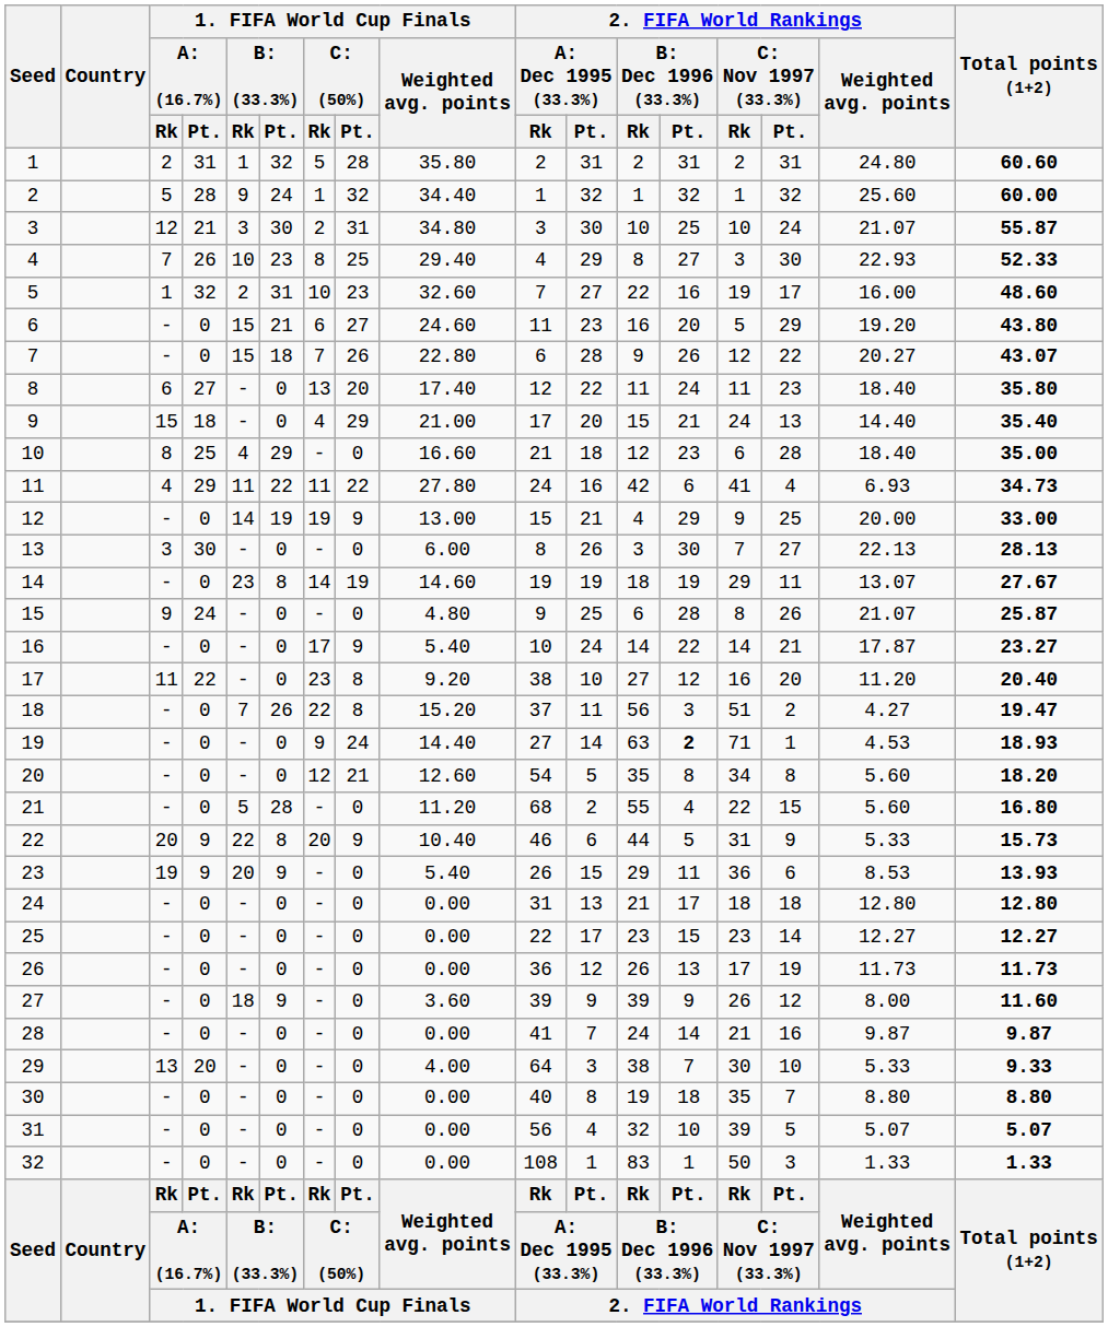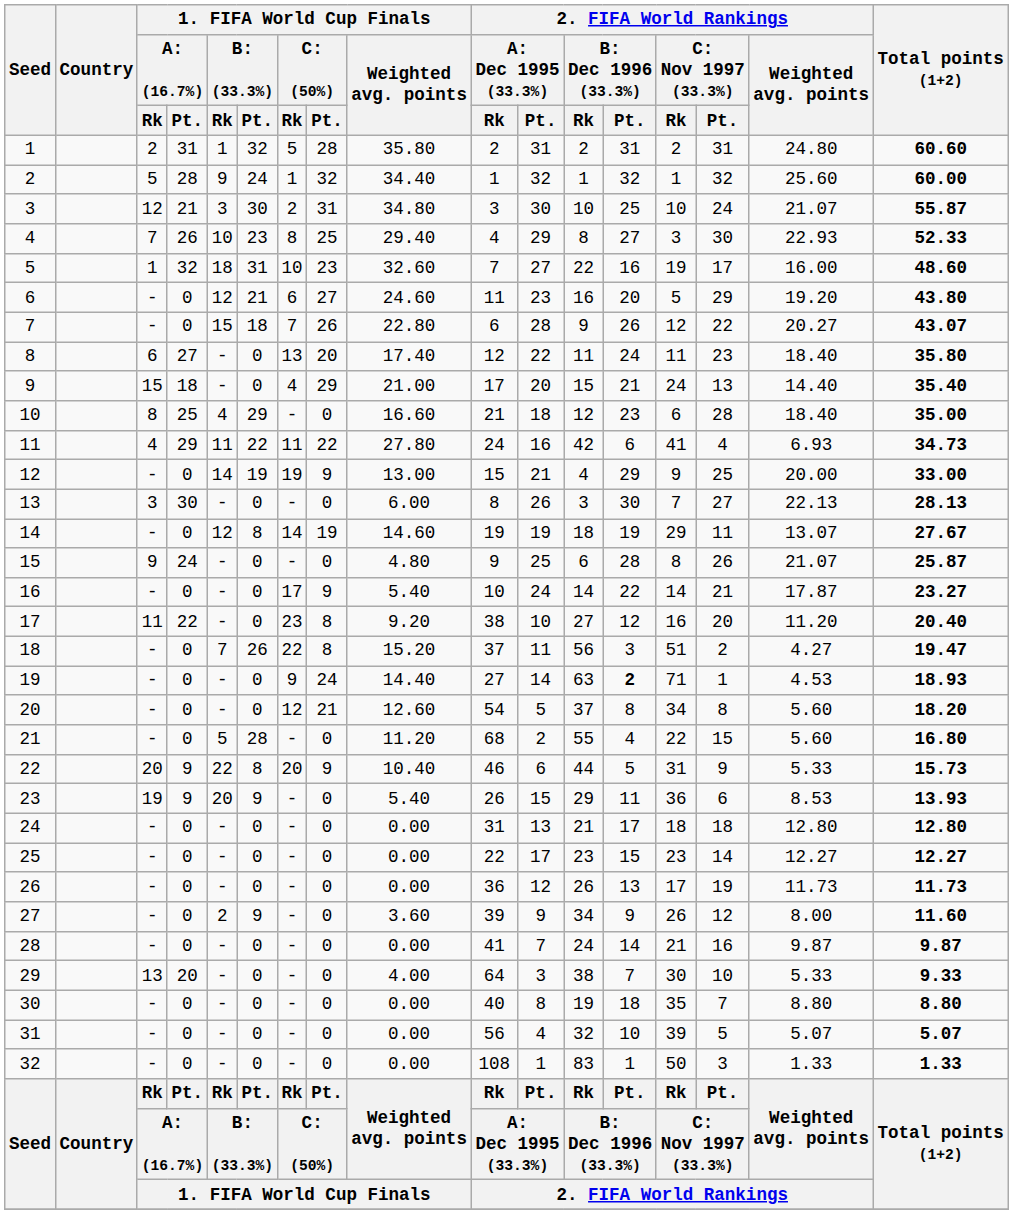 <table class="wikitable sortable" style="text-align:center; font-size:90%">
 <tr>
 <th rowspan="3">Seed</th>
 <th rowspan="3">Country</th>
 <th colspan="7">1. FIFA World Cup Finals</th>
 <th colspan="7">2. <a href='#'>FIFA World Rankings</a></th>
 <th rowspan="3">Total points<br><small>(1+2)</small></th>
 </tr>
 <tr>
 <th colspan="2">A:<br><br><small>(16.7%)</small></th>
 <th colspan="2">B:<br><br><small>(33.3%)</small></th>
 <th colspan="2">C:<br><br><small>(50%)</small></th>
 <th rowspan="2">Weighted<br> avg. points<br><small></small></th>
 <th colspan="2">A:<br>Dec 1995<br><small>(33.3%)</small></th>
 <th colspan="2">B:<br>Dec 1996<br><small>(33.3%)</small></th>
 <th colspan="2">C:<br>Nov 1997<br><small>(33.3%)</small></th>
 <th rowspan="2">Weighted<br> avg. points<br><small></small></th>
 </tr>
 <tr>
 <th>Rk</th>
 <th>Pt.</th>
 <th>Rk</th>
 <th>Pt.</th>
 <th>Rk</th>
 <th>Pt.</th>
 <th>Rk</th>
 <th>Pt.</th>
 <th>Rk</th>
 <th>Pt.</th>
 <th>Rk</th>
 <th>Pt.</th>
 </tr>
 <tr>
 <td>1</td>
 <td style="text-align:left"></td>
 <td>2</td>
 <td>31</td>
 <td>1</td>
 <td>32</td>
 <td>5</td>
 <td>28</td>
 <td>35.80</td>
 <td>2</td>
 <td>31</td>
 <td>2</td>
 <td>31</td>
 <td>2</td>
 <td>31</td>
 <td>24.80</td>
 <td><strong>60.60</strong></td>
 </tr>
 <tr>
 <td>2</td>
 <td style="text-align:left"></td>
 <td>5</td>
 <td>28</td>
 <td>9</td>
 <td>24</td>
 <td>1</td>
 <td>32</td>
 <td>34.40</td>
 <td>1</td>
 <td>32</td>
 <td>1</td>
 <td>32</td>
 <td>1</td>
 <td>32</td>
 <td>25.60</td>
 <td><strong>60.00</strong></td>
 </tr>
 <tr>
 <td>3</td>
 <td style="text-align:left"></td>
 <td>12</td>
 <td>21</td>
 <td>3</td>
 <td>30</td>
 <td>2</td>
 <td>31</td>
 <td>34.80</td>
 <td>3</td>
 <td>30</td>
 <td>10</td>
 <td>25</td>
 <td>10</td>
 <td>24</td>
 <td>21.07</td>
 <td><strong>55.87</strong></td>
 </tr>
 <tr>
 <td>4</td>
 <td style="text-align:left"></td>
 <td>7</td>
 <td>26</td>
 <td>10</td>
 <td>23</td>
 <td>8</td>
 <td>25</td>
 <td>29.40</td>
 <td>4</td>
 <td>29</td>
 <td>8</td>
 <td>27</td>
 <td>3</td>
 <td>30</td>
 <td>22.93</td>
 <td><strong>52.33</strong></td>
 </tr>
 <tr>
 <td>5</td>
 <td style="text-align:left"></td>
 <td>1</td>
 <td>32</td>
-<td>2</td>
+<td>18</td>
 <td>31</td>
 <td>10</td>
 <td>23</td>
 <td>32.60</td>
 <td>7</td>
 <td>27</td>
 <td>22</td>
 <td>16</td>
 <td>19</td>
 <td>17</td>
 <td>16.00</td>
 <td><strong>48.60</strong></td>
 </tr>
 <tr>
 <td>6</td>
 <td style="text-align:left"></td>
 <td>-</td>
 <td>0</td>
-<td>15</td>
+<td>12</td>
 <td>21</td>
 <td>6</td>
 <td>27</td>
 <td>24.60</td>
 <td>11</td>
 <td>23</td>
 <td>16</td>
 <td>20</td>
 <td>5</td>
 <td>29</td>
 <td>19.20</td>
 <td><strong>43.80</strong></td>
 </tr>
 <tr>
 <td>7</td>
 <td style="text-align:left"></td>
 <td>-</td>
 <td>0</td>
 <td>15</td>
 <td>18</td>
 <td>7</td>
 <td>26</td>
 <td>22.80</td>
 <td>6</td>
 <td>28</td>
 <td>9</td>
 <td>26</td>
 <td>12</td>
 <td>22</td>
 <td>20.27</td>
 <td><strong>43.07</strong></td>
 </tr>
 <tr>
 <td>8</td>
 <td style="text-align:left"></td>
 <td>6</td>
 <td>27</td>
 <td>-</td>
 <td>0</td>
 <td>13</td>
 <td>20</td>
 <td>17.40</td>
 <td>12</td>
 <td>22</td>
 <td>11</td>
 <td>24</td>
 <td>11</td>
 <td>23</td>
 <td>18.40</td>
 <td><strong>35.80</strong></td>
 </tr>
 <tr>
 <td>9</td>
 <td style="text-align:left"></td>
 <td>15</td>
 <td>18</td>
 <td>-</td>
 <td>0</td>
 <td>4</td>
 <td>29</td>
 <td>21.00</td>
 <td>17</td>
 <td>20</td>
 <td>15</td>
 <td>21</td>
 <td>24</td>
 <td>13</td>
 <td>14.40</td>
 <td><strong>35.40</strong></td>
 </tr>
 <tr>
 <td>10</td>
 <td style="text-align:left"></td>
 <td>8</td>
 <td>25</td>
 <td>4</td>
 <td>29</td>
 <td>-</td>
 <td>0</td>
 <td>16.60</td>
 <td>21</td>
 <td>18</td>
 <td>12</td>
 <td>23</td>
 <td>6</td>
 <td>28</td>
 <td>18.40</td>
 <td><strong>35.00</strong></td>
 </tr>
 <tr>
 <td>11</td>
 <td style="text-align:left"></td>
 <td>4</td>
 <td>29</td>
 <td>11</td>
 <td>22</td>
 <td>11</td>
 <td>22</td>
 <td>27.80</td>
 <td>24</td>
 <td>16</td>
 <td>42</td>
 <td>6</td>
 <td>41</td>
 <td>4</td>
 <td>6.93</td>
 <td><strong>34.73</strong></td>
 </tr>
 <tr>
 <td>12</td>
 <td style="text-align:left"></td>
 <td>-</td>
 <td>0</td>
 <td>14</td>
 <td>19</td>
 <td>19</td>
 <td>9</td>
 <td>13.00</td>
 <td>15</td>
 <td>21</td>
 <td>4</td>
 <td>29</td>
 <td>9</td>
 <td>25</td>
 <td>20.00</td>
 <td><strong>33.00</strong></td>
 </tr>
 <tr>
 <td>13</td>
 <td style="text-align:left"></td>
 <td>3</td>
 <td>30</td>
 <td>-</td>
 <td>0</td>
 <td>-</td>
 <td>0</td>
 <td>6.00</td>
 <td>8</td>
 <td>26</td>
 <td>3</td>
 <td>30</td>
 <td>7</td>
 <td>27</td>
 <td>22.13</td>
 <td><strong>28.13</strong></td>
 </tr>
 <tr>
 <td>14</td>
 <td style="text-align:left"></td>
 <td>-</td>
 <td>0</td>
-<td>23</td>
+<td>12</td>
 <td>8</td>
 <td>14</td>
 <td>19</td>
 <td>14.60</td>
 <td>19</td>
 <td>19</td>
 <td>18</td>
 <td>19</td>
 <td>29</td>
 <td>11</td>
 <td>13.07</td>
 <td><strong>27.67</strong></td>
 </tr>
 <tr>
 <td>15</td>
 <td style="text-align:left"></td>
 <td>9</td>
 <td>24</td>
 <td>-</td>
 <td>0</td>
 <td>-</td>
 <td>0</td>
 <td>4.80</td>
 <td>9</td>
 <td>25</td>
 <td>6</td>
 <td>28</td>
 <td>8</td>
 <td>26</td>
 <td>21.07</td>
 <td><strong>25.87</strong></td>
 </tr>
 <tr>
 <td>16</td>
 <td style="text-align:left"></td>
 <td>-</td>
 <td>0</td>
 <td>-</td>
 <td>0</td>
 <td>17</td>
 <td>9</td>
 <td>5.40</td>
 <td>10</td>
 <td>24</td>
 <td>14</td>
 <td>22</td>
 <td>14</td>
 <td>21</td>
 <td>17.87</td>
 <td><strong>23.27</strong></td>
 </tr>
 <tr>
 <td>17</td>
 <td style="text-align:left"></td>
 <td>11</td>
 <td>22</td>
 <td>-</td>
 <td>0</td>
 <td>23</td>
 <td>8</td>
 <td>9.20</td>
 <td>38</td>
 <td>10</td>
 <td>27</td>
 <td>12</td>
 <td>16</td>
 <td>20</td>
 <td>11.20</td>
 <td><strong>20.40</strong></td>
 </tr>
 <tr>
 <td>18</td>
 <td style="text-align:left"></td>
 <td>-</td>
 <td>0</td>
 <td>7</td>
 <td>26</td>
 <td>22</td>
 <td>8</td>
 <td>15.20</td>
 <td>37</td>
 <td>11</td>
 <td>56</td>
 <td>3</td>
 <td>51</td>
 <td>2</td>
 <td>4.27</td>
 <td><strong>19.47</strong></td>
 </tr>
 <tr>
 <td>19</td>
 <td style="text-align:left"></td>
 <td>-</td>
 <td>0</td>
 <td>-</td>
 <td>0</td>
 <td>9</td>
 <td>24</td>
 <td>14.40</td>
 <td>27</td>
 <td>14</td>
 <td>63</td>
 <td><strong>2</strong></td>
 <td>71</td>
 <td>1</td>
 <td>4.53</td>
 <td><strong>18.93</strong></td>
 </tr>
 <tr>
 <td>20</td>
 <td style="text-align:left"></td>
 <td>-</td>
 <td>0</td>
 <td>-</td>
 <td>0</td>
 <td>12</td>
 <td>21</td>
 <td>12.60</td>
 <td>54</td>
 <td>5</td>
-<td>35</td>
+<td>37</td>
 <td>8</td>
 <td>34</td>
 <td>8</td>
 <td>5.60</td>
 <td><strong>18.20</strong></td>
 </tr>
 <tr>
 <td>21</td>
 <td style="text-align:left"></td>
 <td>-</td>
 <td>0</td>
 <td>5</td>
 <td>28</td>
 <td>-</td>
 <td>0</td>
 <td>11.20</td>
 <td>68</td>
 <td>2</td>
 <td>55</td>
 <td>4</td>
 <td>22</td>
 <td>15</td>
 <td>5.60</td>
 <td><strong>16.80</strong></td>
 </tr>
 <tr>
 <td>22</td>
 <td style="text-align:left"></td>
 <td>20</td>
 <td>9</td>
 <td>22</td>
 <td>8</td>
 <td>20</td>
 <td>9</td>
 <td>10.40</td>
 <td>46</td>
 <td>6</td>
 <td>44</td>
 <td>5</td>
 <td>31</td>
 <td>9</td>
 <td>5.33</td>
 <td><strong>15.73</strong></td>
 </tr>
 <tr>
 <td>23</td>
 <td style="text-align:left"></td>
 <td>19</td>
 <td>9</td>
 <td>20</td>
 <td>9</td>
 <td>-</td>
 <td>0</td>
 <td>5.40</td>
 <td>26</td>
 <td>15</td>
 <td>29</td>
 <td>11</td>
 <td>36</td>
 <td>6</td>
 <td>8.53</td>
 <td><strong>13.93</strong></td>
 </tr>
 <tr>
 <td>24</td>
 <td style="text-align:left"></td>
 <td>-</td>
 <td>0</td>
 <td>-</td>
 <td>0</td>
 <td>-</td>
 <td>0</td>
 <td>0.00</td>
 <td>31</td>
 <td>13</td>
 <td>21</td>
 <td>17</td>
 <td>18</td>
 <td>18</td>
 <td>12.80</td>
 <td><strong>12.80</strong></td>
 </tr>
 <tr>
 <td>25</td>
 <td style="text-align:left"></td>
 <td>-</td>
 <td>0</td>
 <td>-</td>
 <td>0</td>
 <td>-</td>
 <td>0</td>
 <td>0.00</td>
 <td>22</td>
 <td>17</td>
 <td>23</td>
 <td>15</td>
 <td>23</td>
 <td>14</td>
 <td>12.27</td>
 <td><strong>12.27</strong></td>
 </tr>
 <tr>
 <td>26</td>
 <td style="text-align:left"></td>
 <td>-</td>
 <td>0</td>
 <td>-</td>
 <td>0</td>
 <td>-</td>
 <td>0</td>
 <td>0.00</td>
 <td>36</td>
 <td>12</td>
 <td>26</td>
 <td>13</td>
 <td>17</td>
 <td>19</td>
 <td>11.73</td>
 <td><strong>11.73</strong></td>
 </tr>
 <tr>
 <td>27</td>
 <td style="text-align:left"></td>
 <td>-</td>
 <td>0</td>
-<td>18</td>
+<td>2</td>
 <td>9</td>
 <td>-</td>
 <td>0</td>
 <td>3.60</td>
 <td>39</td>
 <td>9</td>
-<td>39</td>
+<td>34</td>
 <td>9</td>
 <td>26</td>
 <td>12</td>
 <td>8.00</td>
 <td><strong>11.60</strong></td>
 </tr>
 <tr>
 <td>28</td>
 <td style="text-align:left"></td>
 <td>-</td>
 <td>0</td>
 <td>-</td>
 <td>0</td>
 <td>-</td>
 <td>0</td>
 <td>0.00</td>
 <td>41</td>
 <td>7</td>
 <td>24</td>
 <td>14</td>
 <td>21</td>
 <td>16</td>
 <td>9.87</td>
 <td><strong>9.87</strong></td>
 </tr>
 <tr>
 <td>29</td>
 <td style="text-align:left"></td>
 <td>13</td>
 <td>20</td>
 <td>-</td>
 <td>0</td>
 <td>-</td>
 <td>0</td>
 <td>4.00</td>
 <td>64</td>
 <td>3</td>
 <td>38</td>
 <td>7</td>
 <td>30</td>
 <td>10</td>
 <td>5.33</td>
 <td><strong>9.33</strong></td>
 </tr>
 <tr>
 <td>30</td>
 <td style="text-align:left"></td>
 <td>-</td>
 <td>0</td>
 <td>-</td>
 <td>0</td>
 <td>-</td>
 <td>0</td>
 <td>0.00</td>
 <td>40</td>
 <td>8</td>
 <td>19</td>
 <td>18</td>
 <td>35</td>
 <td>7</td>
 <td>8.80</td>
 <td><strong>8.80</strong></td>
 </tr>
 <tr>
 <td>31</td>
 <td style="text-align:left"></td>
 <td>-</td>
 <td>0</td>
 <td>-</td>
 <td>0</td>
 <td>-</td>
 <td>0</td>
 <td>0.00</td>
 <td>56</td>
 <td>4</td>
 <td>32</td>
 <td>10</td>
 <td>39</td>
 <td>5</td>
 <td>5.07</td>
 <td><strong>5.07</strong></td>
 </tr>
 <tr>
 <td>32</td>
 <td style="text-align:left"></td>
 <td>-</td>
 <td>0</td>
 <td>-</td>
 <td>0</td>
 <td>-</td>
 <td>0</td>
 <td>0.00</td>
 <td>108</td>
 <td>1</td>
 <td>83</td>
 <td>1</td>
 <td>50</td>
 <td>3</td>
 <td>1.33</td>
 <td><strong>1.33</strong></td>
 </tr>
 <tr>
 <th rowspan="3">Seed</th>
 <th rowspan="3">Country</th>
 <th>Rk</th>
 <th>Pt.</th>
 <th>Rk</th>
 <th>Pt.</th>
 <th>Rk</th>
 <th>Pt.</th>
 <th rowspan="2">Weighted<br> avg. points<br><small></small></th>
 <th>Rk</th>
 <th>Pt.</th>
 <th>Rk</th>
 <th>Pt.</th>
 <th>Rk</th>
 <th>Pt.</th>
 <th rowspan="2">Weighted<br> avg. points<br><small></small></th>
 <th rowspan="3">Total points<br><small>(1+2)</small></th>
 </tr>
 <tr>
 <th colspan="2">A:<br><br><small>(16.7%)</small></th>
 <th colspan="2">B:<br><br><small>(33.3%)</small></th>
 <th colspan="2">C:<br><br><small>(50%)</small></th>
 <th colspan="2">A:<br>Dec 1995<br><small>(33.3%)</small></th>
 <th colspan="2">B:<br>Dec 1996<br><small>(33.3%)</small></th>
 <th colspan="2">C:<br>Nov 1997<br><small>(33.3%)</small></th>
 </tr>
 <tr>
 <th colspan="7">1. FIFA World Cup Finals</th>
 <th colspan="7">2. <a href='#'>FIFA World Rankings</a></th>
 </tr>
 <tr>
 </tr>
 </table>
